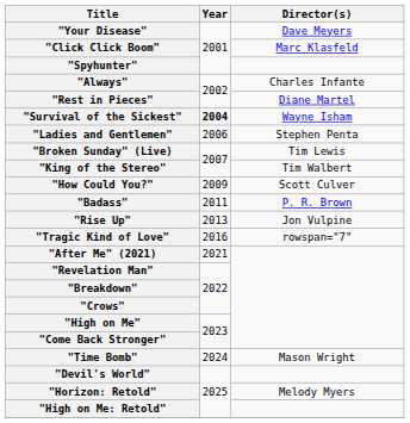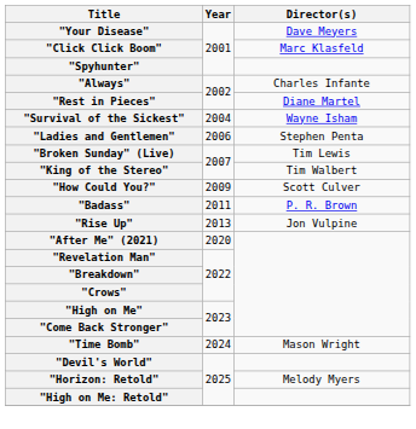 <table class="wikitable plainrowheaders" style="text-align:center;">
 <tr>
 <th scope="col" style="width:18em;">Title</th>
 <th scope="col">Year</th>
 <th scope="col" style="width:16em;">Director(s)</th>
 </tr>
 <tr>
 <th scope="row">"Your Disease"</th>
 <td rowspan="3">2001</td>
 <td><a href='#'>Dave Meyers</a></td>
 </tr>
 <tr>
 <th scope="row">"Click Click Boom"</th>
 <td><a href='#'>Marc Klasfeld</a></td>
 </tr>
 <tr>
 <th scope="row">"Spyhunter"</th>
 <td></td>
 </tr>
 <tr>
 <th scope="row">"Always"</th>
 <td rowspan="2">2002</td>
 <td>Charles Infante</td>
 </tr>
 <tr>
 <th scope="row">"Rest in Pieces"</th>
 <td><a href='#'>Diane Martel</a></td>
 </tr>
 <tr>
 <th scope="row">"Survival of the Sickest"</th>
-<td><strong>2004</strong></td>
+<td>2004</td>
 <td><a href='#'>Wayne Isham</a></td>
 </tr>
 <tr>
 <th scope="row">"Ladies and Gentlemen"</th>
 <td>2006</td>
 <td>Stephen Penta</td>
 </tr>
 <tr>
 <th scope="row">"Broken Sunday" (Live)</th>
 <td rowspan="2">2007</td>
 <td>Tim Lewis</td>
 </tr>
 <tr>
 <th scope="row">"King of the Stereo"</th>
 <td>Tim Walbert</td>
 </tr>
 <tr>
 <th scope="row">"How Could You?"</th>
 <td>2009</td>
 <td>Scott Culver</td>
 </tr>
 <tr>
 <th scope="row">"Badass"</th>
 <td>2011</td>
 <td><a href='#'>P. R. Brown</a></td>
 </tr>
 <tr>
 <th scope="row">"Rise Up"</th>
 <td>2013</td>
 <td>Jon Vulpine</td>
 </tr>
 <tr>
-<th scope="row">"Tragic Kind of Love"</th>
-<td>2016</td>
-<td>rowspan="7" </td>
-</tr>
-<tr>
 <th scope="row">"After Me" (2021)</th>
-<td>2021</td>
+<td>2020</td>
 </tr>
 <tr>
 <th scope="row">"Revelation Man"</th>
 <td rowspan="3">2022</td>
 </tr>
 <tr>
 <th scope="row">"Breakdown"</th>
 </tr>
 <tr>
 <th scope="row">"Crows"</th>
 </tr>
 <tr>
 <th scope="row">"High on Me"</th>
 <td rowspan="2">2023</td>
 </tr>
 <tr>
 <th scope="row">"Come Back Stronger"</th>
 </tr>
 <tr>
 <th scope="row">"Time Bomb"</th>
 <td>2024</td>
 <td>Mason Wright</td>
 </tr>
 <tr>
 <th scope="row">"Devil's World"</th>
 <td rowspan="3">2025</td>
 <td></td>
 </tr>
 <tr>
 <th scope="row">"Horizon: Retold"</th>
 <td>Melody Myers</td>
 </tr>
 <tr>
 <th scope="row">"High on Me: Retold"</th>
 <td></td>
 </tr>
 <tr>
 </tr>
 </table>
